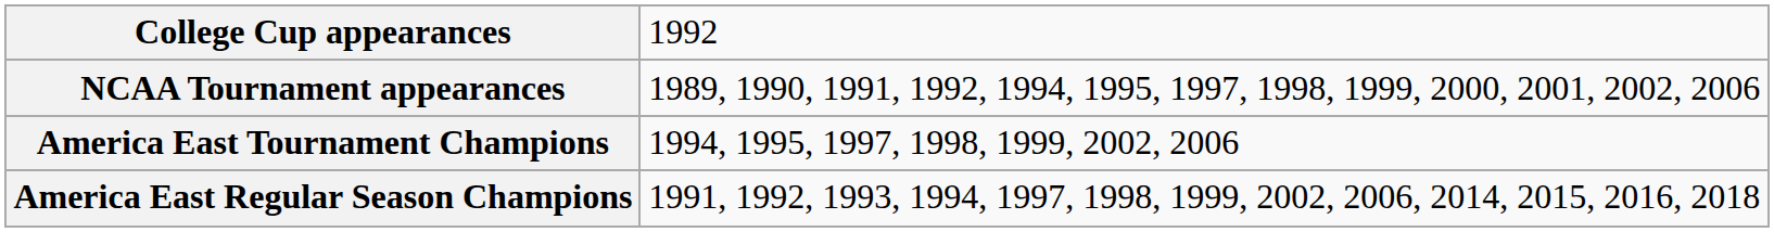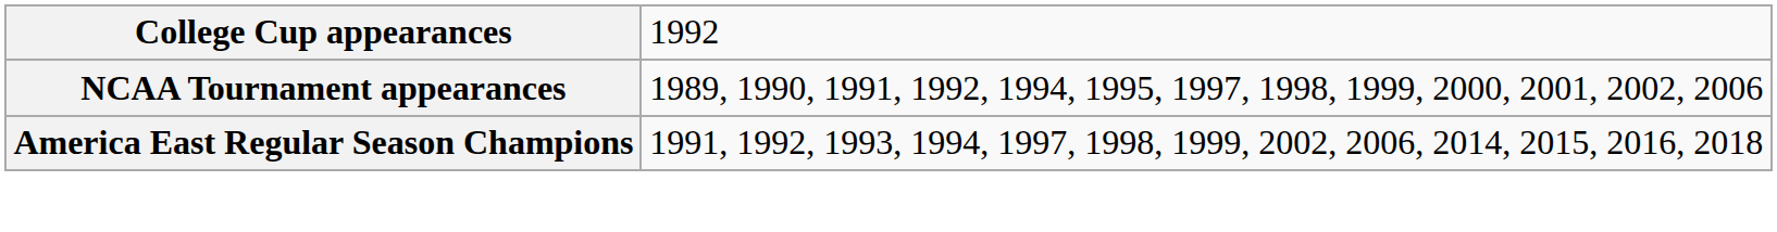 <table class="wikitable">
 <tr>
 <th>College Cup appearances</th>
 <td>1992</td>
 </tr>
 <tr>
 <th>NCAA Tournament appearances</th>
 <td>1989, 1990, 1991, 1992, 1994, 1995, 1997, 1998, 1999, 2000, 2001, 2002, 2006</td>
 </tr>
 <tr>
-<th>America East Tournament Champions</th>
-<td>1994, 1995, 1997, 1998, 1999, 2002, 2006</td>
-</tr>
-<tr>
 <th>America East Regular Season Champions</th>
 <td>1991, 1992, 1993, 1994, 1997, 1998, 1999, 2002, 2006, 2014, 2015, 2016, 2018</td>
 </tr>
 </table>
